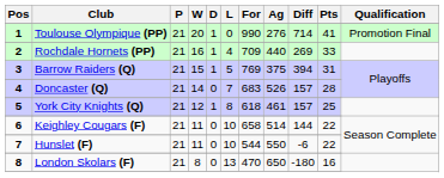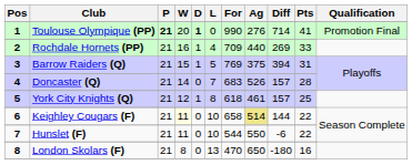 <table class="wikitable" style="text-align:center;">
 <tr>
 <th><strong>Pos</strong></th>
 <th><strong>Club</strong></th>
 <th><strong>P</strong></th>
 <th><strong>W</strong></th>
 <th><strong>D</strong></th>
 <th><strong>L</strong></th>
 <th><strong>For</strong></th>
 <th><strong>Ag</strong></th>
 <th><strong>Diff</strong></th>
 <th><strong>Pts</strong></th>
 <th><strong>Qualification</strong></th>
 </tr>
 <tr --->
 </tr>
 <tr align=center style="background:#ccffcc;">
 <td><strong>1</strong></td>
 <td style="text-align:left;"> <a href='#'>Toulouse Olympique</a> <strong>(PP)</strong></td>
-<td>21</td>
+<td><strong>21</strong></td>
 <td>20</td>
-<td>1</td>
+<td><strong>1</strong></td>
 <td>0</td>
 <td>990</td>
 <td>276</td>
 <td>714</td>
 <td>41</td>
 <td rowspan=2>Promotion Final</td>
 </tr>
 <tr --->
 </tr>
 <tr align=center style="background:#ccffcc;">
 <td><strong>2</strong></td>
 <td style="text-align:left;"> <a href='#'>Rochdale Hornets</a>  <strong>(PP)</strong></td>
 <td>21</td>
 <td>16</td>
 <td>1</td>
 <td>4</td>
 <td>709</td>
 <td>440</td>
 <td>269</td>
 <td>33</td>
 </tr>
 <tr align=center style="background:#ccccff">
 <td><strong>3</strong></td>
 <td style="text-align:left;"> <a href='#'>Barrow Raiders</a> <strong>(Q)</strong></td>
 <td>21</td>
 <td>15</td>
 <td>1</td>
 <td>5</td>
 <td>769</td>
 <td>375</td>
 <td>394</td>
 <td>31</td>
 <td rowspan=3>Playoffs</td>
 </tr>
 <tr --->
 </tr>
 <tr align=center style="background:#ccccff">
 <td><strong>4</strong></td>
 <td style="text-align:left;"> <a href='#'>Doncaster</a> <strong>(Q)</strong></td>
 <td>21</td>
 <td>14</td>
 <td>0</td>
 <td>7</td>
 <td>683</td>
 <td>526</td>
 <td>157</td>
 <td>28</td>
 </tr>
 <tr --->
 </tr>
 <tr align=center style="background:#ccccff">
 <td><strong>5</strong></td>
 <td style="text-align:left;"> <a href='#'>York City Knights</a> <strong>(Q)</strong></td>
 <td>21</td>
 <td>12</td>
 <td>1</td>
 <td>8</td>
 <td>618</td>
 <td>461</td>
 <td>157</td>
 <td>25</td>
 </tr>
 <tr --->
 </tr>
 <tr align=center>
 <td><strong>6</strong></td>
 <td style="text-align:left;"> <a href='#'>Keighley Cougars</a> <strong>(F)</strong></td>
 <td>21</td>
-<td>11</td>
+<td style="background: lightyellow;">11</td>
 <td>0</td>
 <td>10</td>
 <td>658</td>
-<td>514</td>
+<td style="background: khaki;">514</td>
 <td>144</td>
 <td>22</td>
 <td rowspan=3>Season Complete</td>
 </tr>
 <tr --->
 </tr>
 <tr align=center>
 <td><strong>7</strong></td>
 <td style="text-align:left;"> <a href='#'>Hunslet</a> <strong>(F)</strong></td>
 <td>21</td>
 <td>11</td>
 <td>0</td>
 <td>10</td>
 <td>544</td>
 <td>550</td>
 <td>-6</td>
 <td>22</td>
 </tr>
 <tr --->
 </tr>
 <tr align=center>
 <td><strong>8</strong></td>
 <td style="text-align:left;"> <a href='#'>London Skolars</a> <strong>(F)</strong></td>
 <td>21</td>
 <td>8</td>
 <td>0</td>
 <td>13</td>
 <td>470</td>
 <td>650</td>
 <td>-180</td>
 <td>16</td>
 </tr>
 <tr --->
 </tr>
 </table>
